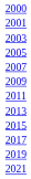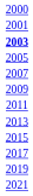 <table>
 <tr>
 <td align=center><a href='#'>2000</a></td>
 <td></td>
 <td></td>
 <td></td>
 </tr>
 <tr>
 <td align=center><a href='#'>2001</a></td>
 <td></td>
 <td></td>
 <td></td>
 </tr>
 <tr>
-<td align=center><a href='#'>2003</a></td>
+<td align=center><strong><a href='#'>2003</a></strong></td>
 <td></td>
 <td></td>
 <td></td>
 </tr>
 <tr>
 <td align=center><a href='#'>2005</a></td>
 <td></td>
 <td></td>
 <td></td>
 </tr>
 <tr>
 <td align=center><a href='#'>2007</a></td>
 <td></td>
 <td></td>
 <td></td>
 </tr>
 <tr>
 <td align=center><a href='#'>2009</a></td>
 <td></td>
 <td></td>
 <td></td>
 </tr>
 <tr>
 <td align=center><a href='#'>2011</a></td>
 <td></td>
 <td></td>
 <td></td>
 </tr>
 <tr>
 <td align=center><a href='#'>2013</a></td>
 <td></td>
 <td></td>
 <td></td>
 </tr>
 <tr>
 <td align=center><a href='#'>2015</a></td>
 <td></td>
 <td></td>
 <td></td>
 </tr>
 <tr>
 <td align=center><a href='#'>2017</a></td>
 <td></td>
 <td></td>
 <td></td>
 </tr>
 <tr>
 <td align=center><a href='#'>2019</a></td>
 <td></td>
 <td></td>
 <td></td>
 </tr>
 <tr>
 <td align=center><a href='#'>2021</a></td>
 <td></td>
 <td></td>
 <td></td>
 </tr>
 </table>
